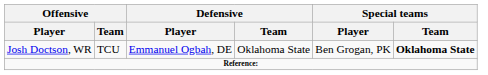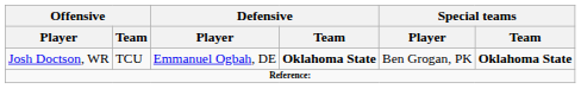 <table class="wikitable">
 <tr>
 <th colspan="2">Offensive</th>
 <th colspan="2">Defensive</th>
 <th colspan="2">Special teams</th>
 </tr>
 <tr>
 <th>Player</th>
 <th>Team</th>
 <th>Player</th>
 <th>Team</th>
 <th>Player</th>
 <th>Team</th>
 </tr>
 <tr>
 <td><a href='#'>Josh Doctson</a>, WR</td>
 <td>TCU</td>
 <td><a href='#'>Emmanuel Ogbah</a>, DE</td>
-<td>Oklahoma State</td>
+<td><strong>Oklahoma State</strong></td>
 <td>Ben Grogan, PK</td>
 <td><strong>Oklahoma State</strong></td>
 </tr>
 <tr>
 <td colspan="12"  style="font-size:8pt; text-align:center;"><strong>Reference:</strong></td>
 </tr>
 </table>
